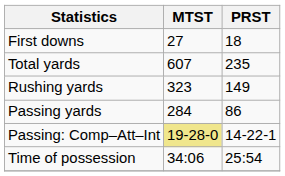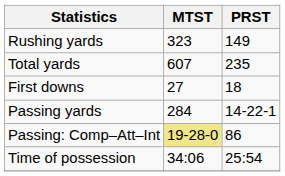 <table class="wikitable" style="float: left;">
 <tr>
 <th>Statistics</th>
 <th>MTST</th>
 <th>PRST</th>
 </tr>
 <tr>
-<td>First downs</td>
-<td>27</td>
-<td>18</td>
+<td>Rushing yards</td>
+<td>323</td>
+<td>149</td>
 </tr>
 <tr>
 <td>Total yards</td>
 <td>607</td>
 <td>235</td>
 </tr>
 <tr>
-<td>Rushing yards</td>
-<td>323</td>
-<td>149</td>
+<td>First downs</td>
+<td>27</td>
+<td>18</td>
 </tr>
 <tr>
 <td>Passing yards</td>
 <td>284</td>
-<td>86</td>
+<td>14-22-1</td>
 </tr>
 <tr>
 <td>Passing: Comp–Att–Int</td>
 <td style="background: khaki;">19-28-0</td>
-<td>14-22-1</td>
+<td>86</td>
 </tr>
 <tr>
 <td>Time of possession</td>
 <td>34:06</td>
 <td>25:54</td>
 </tr>
 <tr>
 </tr>
 </table>
